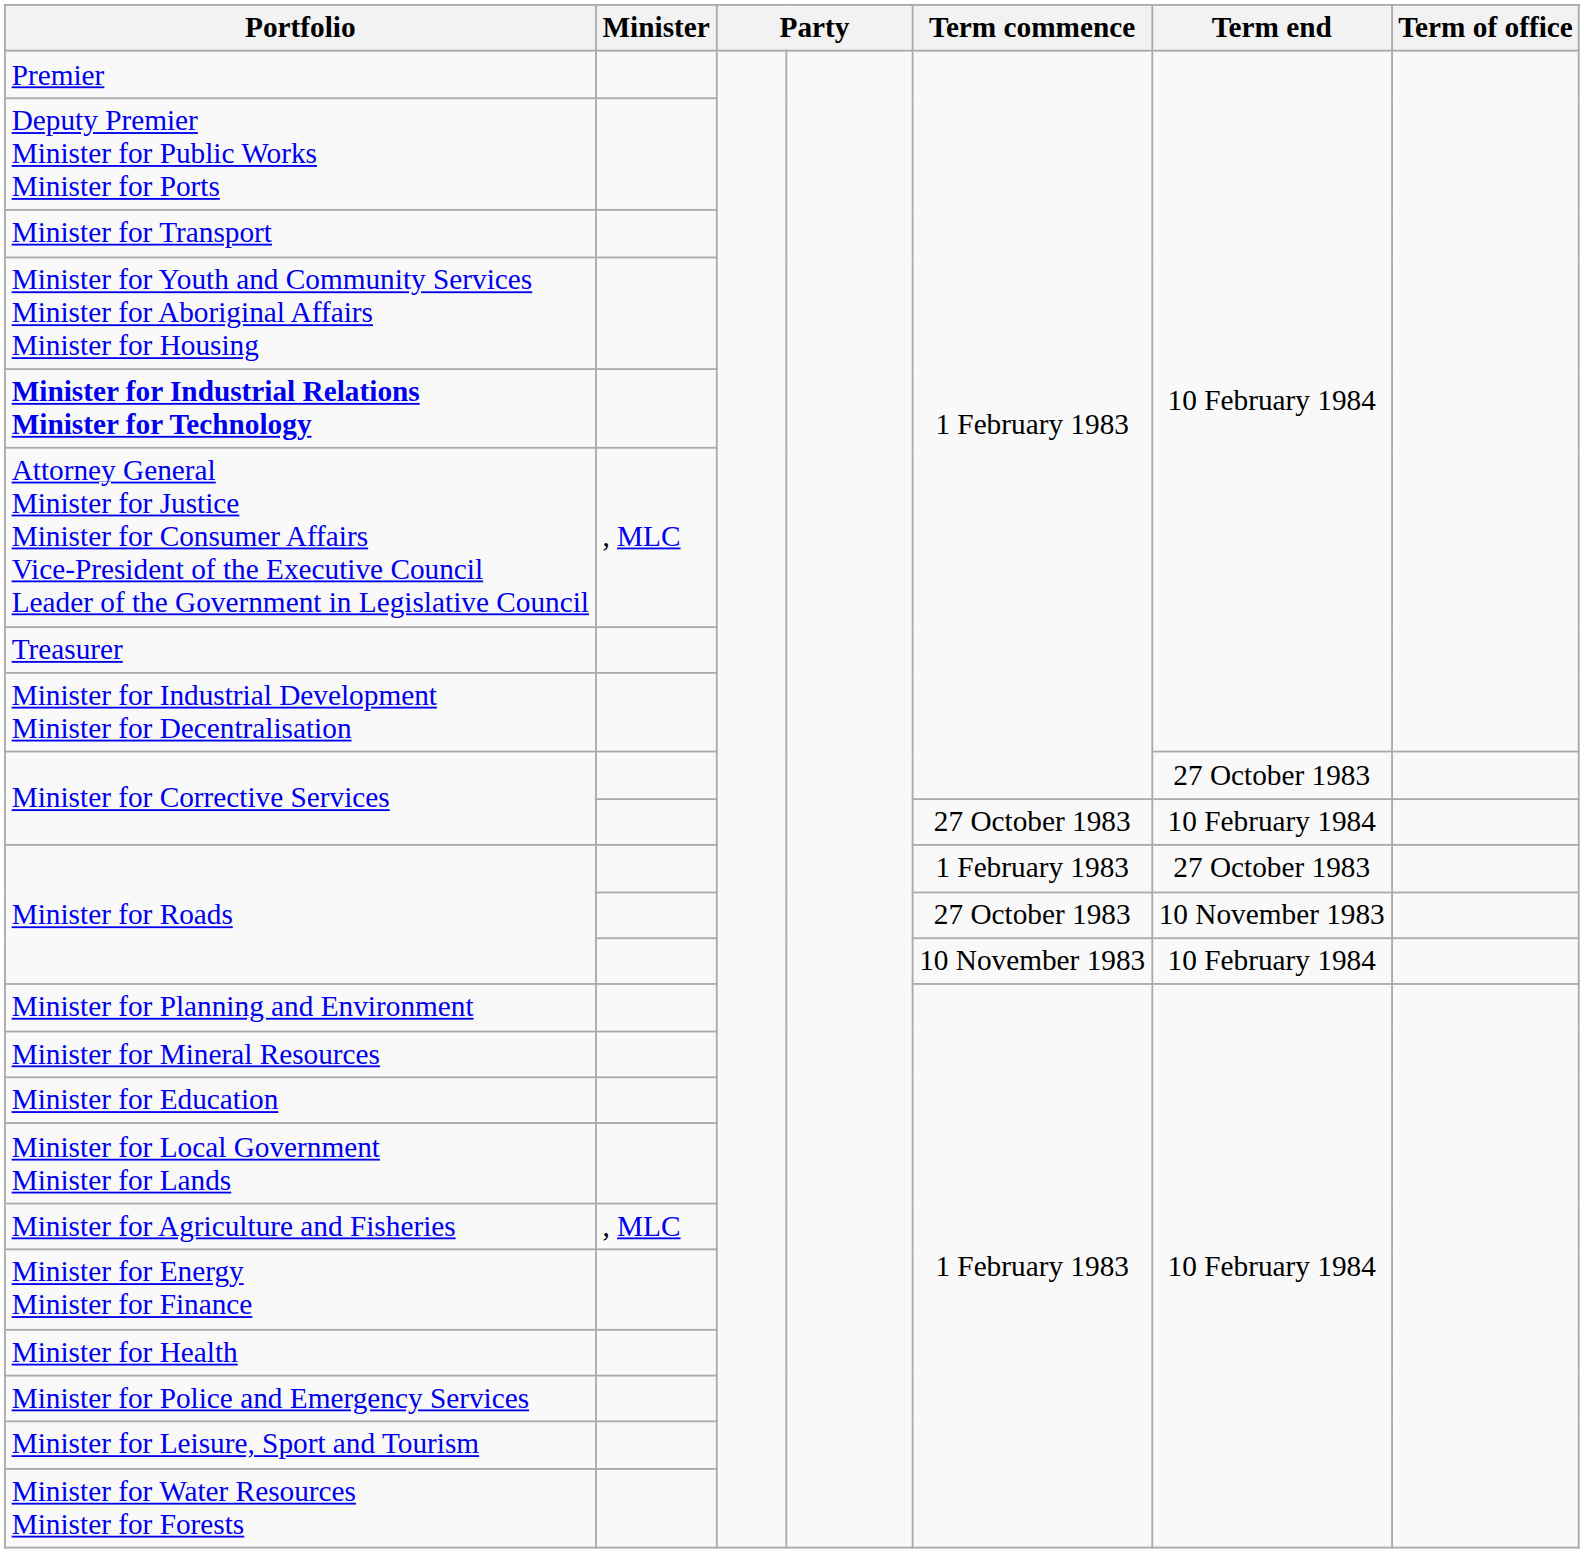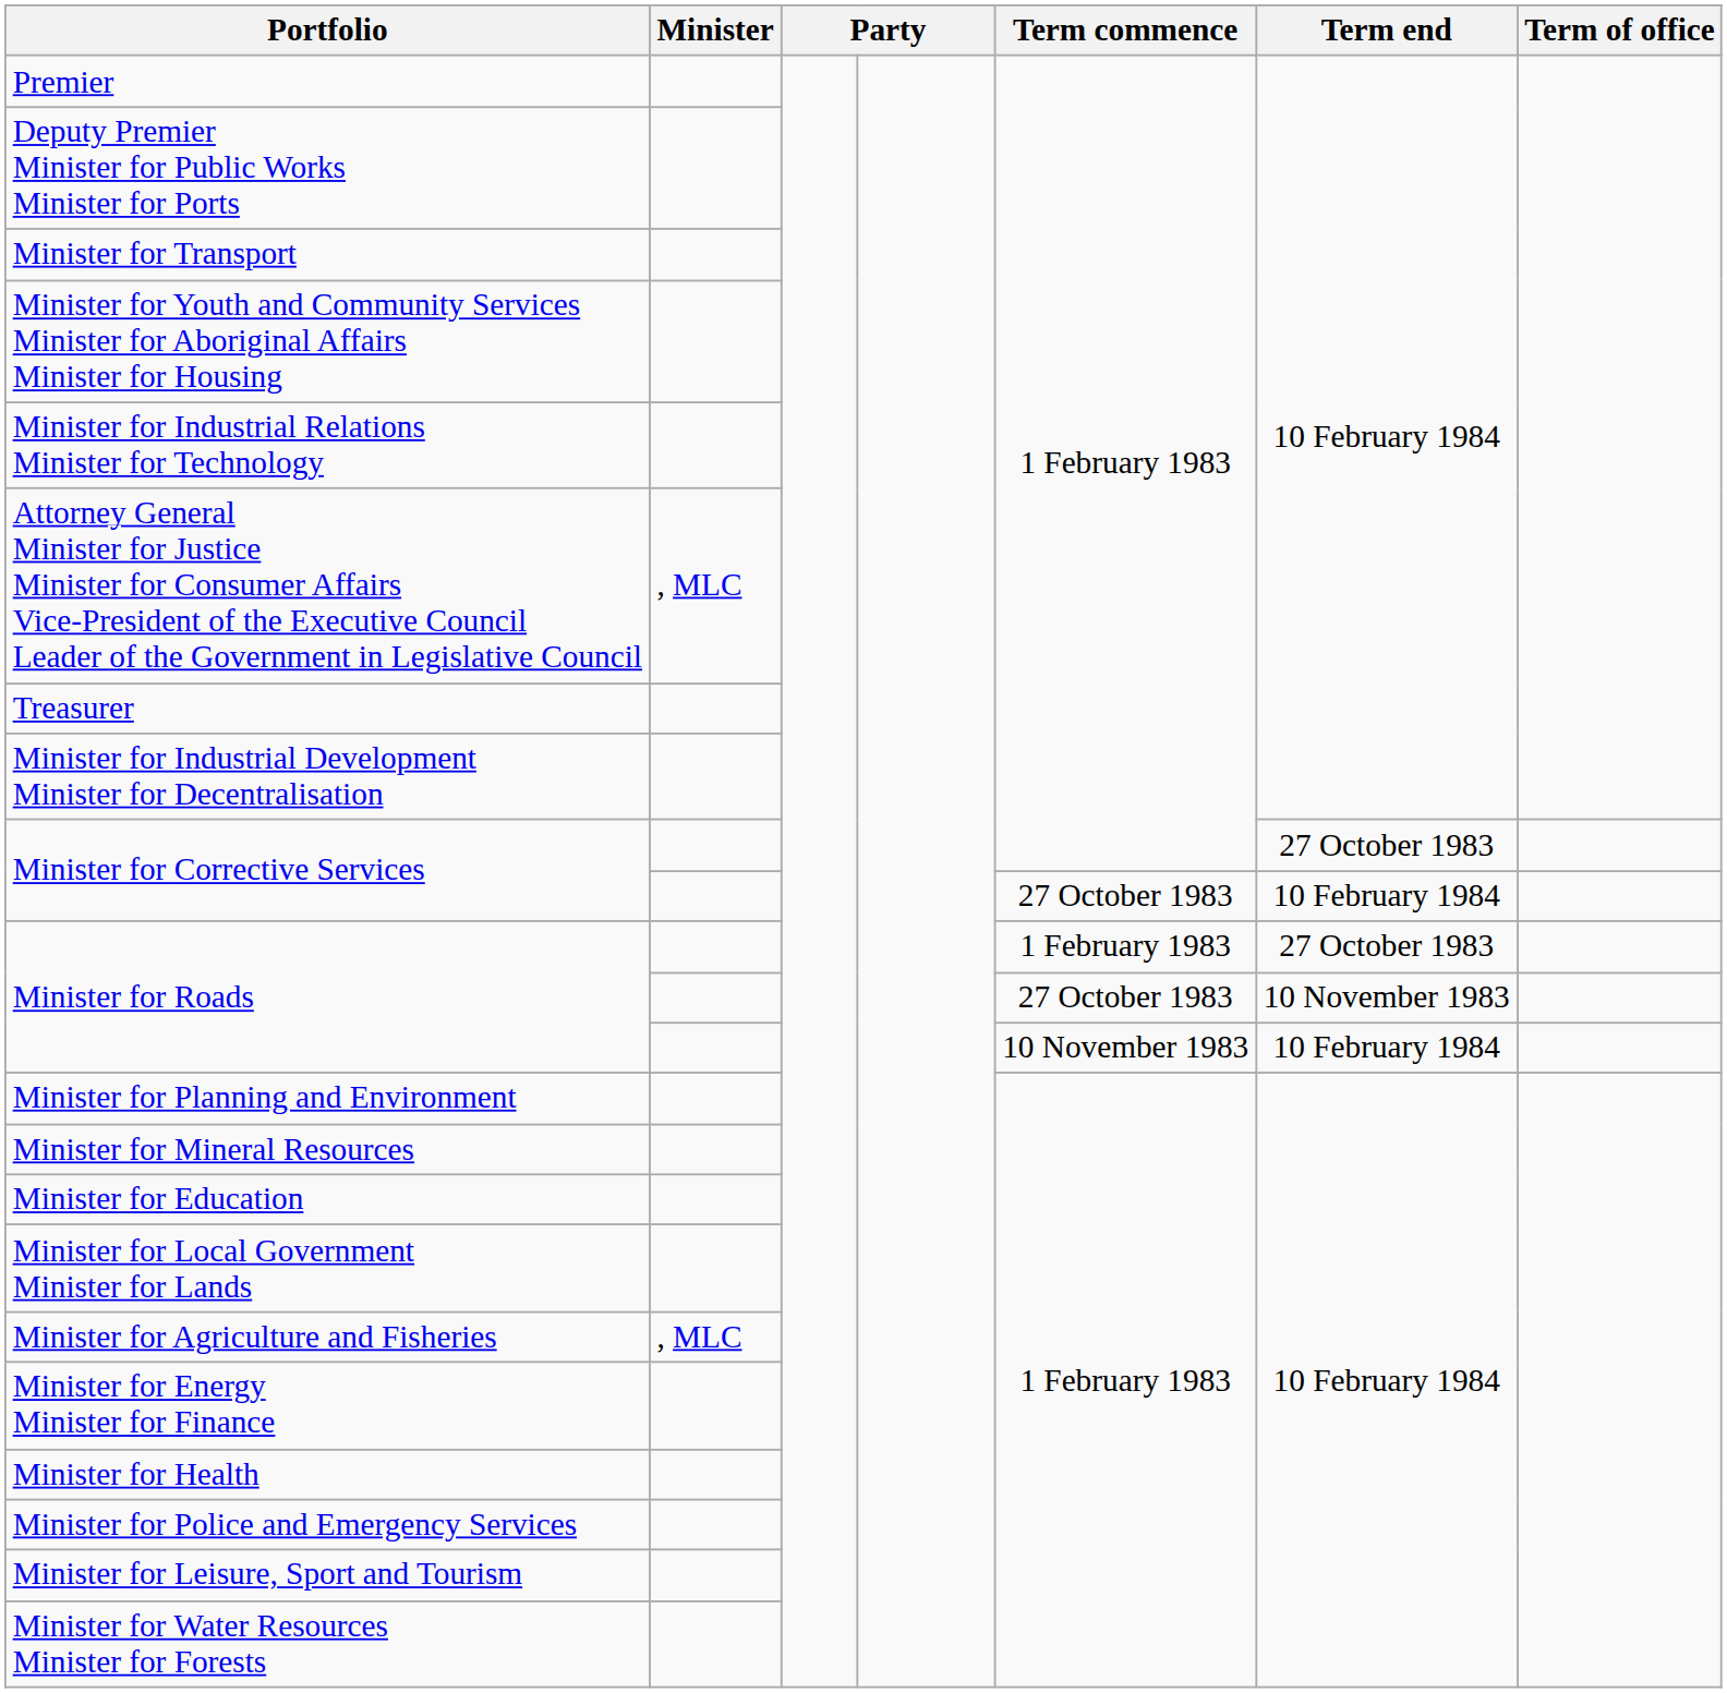 <table class="wikitable sortable">
 <tr>
 <th>Portfolio</th>
 <th>Minister</th>
 <th colspan=2>Party</th>
 <th>Term commence</th>
 <th>Term end</th>
 <th>Term of office</th>
 </tr>
 <tr>
 <td><a href='#'>Premier</a></td>
 <td></td>
 <td rowspan=23 > </td>
 <td rowspan=23 width=8%></td>
 <td rowspan=9 align=center>1 February 1983</td>
 <td rowspan=8 align=center>10 February 1984</td>
 <td rowspan=8 align=right></td>
 </tr>
 <tr>
 <td><a href='#'>Deputy Premier</a><br><a href='#'>Minister for Public Works</a><br><a href='#'>Minister for Ports</a></td>
 <td></td>
 </tr>
 <tr>
 <td><a href='#'>Minister for Transport</a></td>
 <td></td>
 </tr>
 <tr>
 <td><a href='#'>Minister for Youth and Community Services</a><br><a href='#'>Minister for Aboriginal Affairs</a><br><a href='#'>Minister for Housing</a></td>
 <td></td>
 </tr>
 <tr>
-<td><strong><a href='#'>Minister for Industrial Relations</a><br><a href='#'>Minister for Technology</a></strong></td>
+<td><a href='#'>Minister for Industrial Relations</a><br><a href='#'>Minister for Technology</a></td>
 <td></td>
 </tr>
 <tr>
 <td><a href='#'>Attorney General</a><br><a href='#'>Minister for Justice</a><br><a href='#'>Minister for Consumer Affairs</a><br><a href='#'>Vice-President of the Executive Council</a><br><a href='#'>Leader of the Government in Legislative Council</a></td>
 <td>, <a href='#'>MLC</a></td>
 </tr>
 <tr>
 <td><a href='#'>Treasurer</a></td>
 <td></td>
 </tr>
 <tr>
 <td><a href='#'>Minister for Industrial Development</a><br><a href='#'>Minister for Decentralisation</a></td>
 <td></td>
 </tr>
 <tr>
 <td rowspan="2"><a href='#'>Minister for Corrective Services</a></td>
 <td></td>
 <td align=center>27 October 1983</td>
 <td align=right></td>
 </tr>
 <tr>
 <td></td>
 <td align=center>27 October 1983</td>
 <td align=center>10 February 1984</td>
 <td align=right></td>
 </tr>
 <tr>
 <td rowspan=3><a href='#'>Minister for Roads</a></td>
 <td></td>
 <td align=center>1 February 1983</td>
 <td align=center>27 October 1983</td>
 <td align=right></td>
 </tr>
 <tr>
 <td></td>
 <td align=center>27 October 1983</td>
 <td align=center>10 November 1983</td>
 <td align=right></td>
 </tr>
 <tr>
 <td></td>
 <td align=center>10 November 1983</td>
 <td align=center>10 February 1984</td>
 <td align=right></td>
 </tr>
 <tr>
 <td><a href='#'>Minister for Planning and Environment</a></td>
 <td></td>
 <td rowspan=10 align=center>1 February 1983</td>
 <td rowspan=10 align=center>10 February 1984</td>
 <td rowspan=10 align=right></td>
 </tr>
 <tr>
 <td><a href='#'>Minister for Mineral Resources</a></td>
 <td></td>
 </tr>
 <tr>
 <td><a href='#'>Minister for Education</a></td>
 <td></td>
 </tr>
 <tr>
 <td><a href='#'>Minister for Local Government</a><br><a href='#'>Minister for Lands</a></td>
 <td></td>
 </tr>
 <tr>
 <td><a href='#'>Minister for Agriculture and Fisheries</a></td>
 <td>, <a href='#'>MLC</a></td>
 </tr>
 <tr>
 <td><a href='#'>Minister for Energy</a><br><a href='#'>Minister for Finance</a></td>
 <td></td>
 </tr>
 <tr>
 <td><a href='#'>Minister for Health</a></td>
 <td></td>
 </tr>
 <tr>
 <td><a href='#'>Minister for Police and Emergency Services</a></td>
 <td></td>
 </tr>
 <tr>
 <td><a href='#'>Minister for Leisure, Sport and Tourism</a></td>
 <td></td>
 </tr>
 <tr>
 <td><a href='#'>Minister for Water Resources</a><br><a href='#'>Minister for Forests</a></td>
 <td></td>
 </tr>
 </table>
